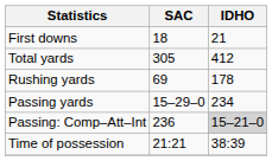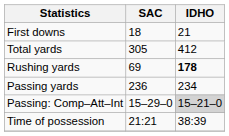 <table class="wikitable" style="float: left;">
 <tr>
 <th>Statistics</th>
 <th>SAC</th>
 <th>IDHO</th>
 </tr>
 <tr>
 <td>First downs</td>
 <td>18</td>
 <td>21</td>
 </tr>
 <tr>
 <td>Total yards</td>
 <td>305</td>
 <td>412</td>
 </tr>
 <tr>
 <td>Rushing yards</td>
 <td>69</td>
-<td>178</td>
+<td><strong>178</strong></td>
 </tr>
 <tr>
 <td>Passing yards</td>
-<td>15–29–0</td>
+<td>236</td>
 <td>234</td>
 </tr>
 <tr>
 <td>Passing: Comp–Att–Int</td>
-<td>236</td>
+<td>15–29–0</td>
 <td style="background: lightgrey;">15–21–0</td>
 </tr>
 <tr>
 <td>Time of possession</td>
 <td>21:21</td>
 <td>38:39</td>
 </tr>
 <tr>
 </tr>
 </table>
